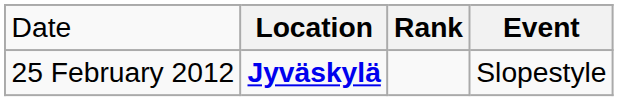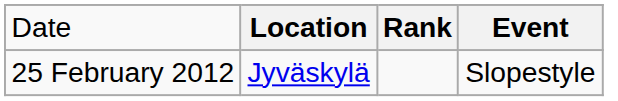 <table class="wikitable sortable" style="font-size:90%" style="text-align:center">
 <tr>
 <td>Date</td>
 <th>Location</th>
 <th>Rank</th>
 <th>Event</th>
 </tr>
 <tr>
 <td>25 February 2012</td>
-<td><strong><a href='#'>Jyväskylä</a></strong></td>
+<td><a href='#'>Jyväskylä</a></td>
 <td></td>
 <td>Slopestyle</td>
 </tr>
 </table>
